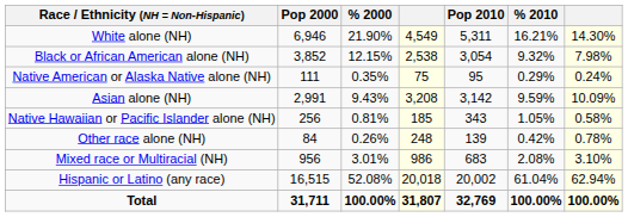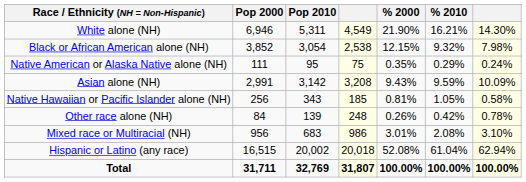 <table class="wikitable" style="text-align:center;">
 <tr>
 <th>Race / Ethnicity <small>(<em>NH = Non-Hispanic</em>)</small></th>
 <th>Pop 2000</th>
+<th>Pop 2010</th>
+<th></th>
 <th>% 2000</th>
-<th></th>
-<th>Pop 2010</th>
 <th>% 2010</th>
 <th></th>
 </tr>
 <tr>
 <td><a href='#'>White</a> alone (NH)</td>
 <td>6,946</td>
+<td>5,311</td>
+<td style='background: #ffffe6;'>4,549</td>
 <td>21.90%</td>
-<td style='background: #ffffe6;'>4,549</td>
-<td>5,311</td>
 <td>16.21%</td>
 <td style='background: #ffffe6;'>14.30%</td>
 </tr>
 <tr>
 <td><a href='#'>Black or African American</a> alone (NH)</td>
 <td>3,852</td>
+<td>3,054</td>
+<td style='background: #ffffe6;'>2,538</td>
 <td>12.15%</td>
-<td style='background: #ffffe6;'>2,538</td>
-<td>3,054</td>
 <td>9.32%</td>
 <td style='background: #ffffe6;'>7.98%</td>
 </tr>
 <tr>
 <td><a href='#'>Native American</a> or <a href='#'>Alaska Native</a> alone (NH)</td>
 <td>111</td>
+<td>95</td>
+<td style='background: #ffffe6;'>75</td>
 <td>0.35%</td>
-<td style='background: #ffffe6;'>75</td>
-<td>95</td>
 <td>0.29%</td>
 <td style='background: #ffffe6;'>0.24%</td>
 </tr>
 <tr>
 <td><a href='#'>Asian</a> alone (NH)</td>
 <td>2,991</td>
+<td>3,142</td>
+<td style='background: #ffffe6;'>3,208</td>
 <td>9.43%</td>
-<td style='background: #ffffe6;'>3,208</td>
-<td>3,142</td>
 <td>9.59%</td>
 <td style='background: #ffffe6;'>10.09%</td>
 </tr>
 <tr>
 <td><a href='#'>Native Hawaiian</a> or <a href='#'>Pacific Islander</a> alone (NH)</td>
 <td>256</td>
+<td>343</td>
+<td style='background: #ffffe6;'>185</td>
 <td>0.81%</td>
-<td style='background: #ffffe6;'>185</td>
-<td>343</td>
 <td>1.05%</td>
 <td style='background: #ffffe6;'>0.58%</td>
 </tr>
 <tr>
 <td><a href='#'>Other race</a> alone (NH)</td>
 <td>84</td>
+<td>139</td>
+<td style='background: #ffffe6;'>248</td>
 <td>0.26%</td>
-<td style='background: #ffffe6;'>248</td>
-<td>139</td>
 <td>0.42%</td>
 <td style='background: #ffffe6;'>0.78%</td>
 </tr>
 <tr>
 <td><a href='#'>Mixed race or Multiracial</a> (NH)</td>
 <td>956</td>
+<td>683</td>
+<td style='background: #ffffe6;'>986</td>
 <td>3.01%</td>
-<td style='background: #ffffe6;'>986</td>
-<td>683</td>
 <td>2.08%</td>
 <td style='background: #ffffe6;'>3.10%</td>
 </tr>
 <tr>
 <td><a href='#'>Hispanic or Latino</a> (any race)</td>
 <td>16,515</td>
+<td>20,002</td>
+<td style='background: #ffffe6;'>20,018</td>
 <td>52.08%</td>
-<td style='background: #ffffe6;'>20,018</td>
-<td>20,002</td>
 <td>61.04%</td>
 <td style='background: #ffffe6;'>62.94%</td>
 </tr>
 <tr>
 <td><strong>Total</strong></td>
 <td><strong>31,711</strong></td>
+<td><strong>32,769</strong></td>
+<td style='background: #ffffe6;'><strong>31,807</strong></td>
 <td><strong>100.00%</strong></td>
-<td style='background: #ffffe6;'><strong>31,807</strong></td>
-<td><strong>32,769</strong></td>
 <td><strong>100.00%</strong></td>
 <td style='background: #ffffe6;'><strong>100.00%</strong></td>
 </tr>
 </table>
